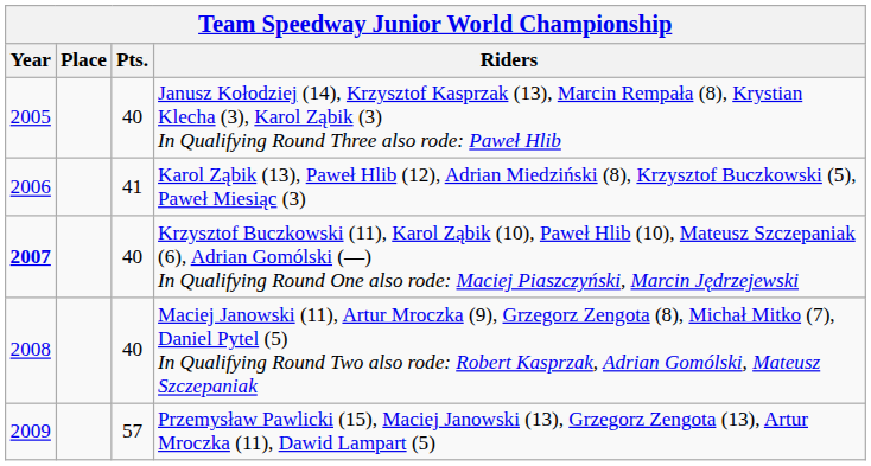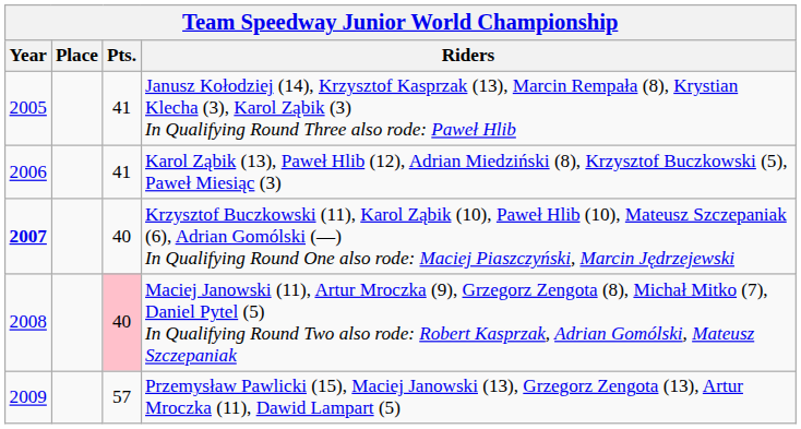 <table class=wikitable style="font-size: 90%;">
 <tr>
 <th colspan=4><big><a href='#'>Team Speedway Junior World Championship</a></big></th>
 </tr>
 <tr>
 <th>Year</th>
 <th>Place</th>
 <th>Pts.</th>
 <th>Riders</th>
 </tr>
 <tr align=center>
 <td><a href='#'>2005</a></td>
 <td></td>
-<td>40</td>
+<td>41</td>
 <td align=left><a href='#'>Janusz Kołodziej</a> (14), <a href='#'>Krzysztof Kasprzak</a> (13), <a href='#'>Marcin Rempała</a> (8), <a href='#'>Krystian Klecha</a> (3), <a href='#'>Karol Ząbik</a> (3) <br> <em>In Qualifying Round Three also rode: <a href='#'>Paweł Hlib</a></em></td>
 </tr>
 <tr align=center>
 <td><a href='#'>2006</a></td>
 <td></td>
 <td>41</td>
 <td align=left><a href='#'>Karol Ząbik</a> (13), <a href='#'>Paweł Hlib</a> (12), <a href='#'>Adrian Miedziński</a> (8), <a href='#'>Krzysztof Buczkowski</a> (5), <a href='#'>Paweł Miesiąc</a> (3)</td>
 </tr>
 <tr align=center>
 <td><strong><a href='#'>2007</a></strong></td>
 <td></td>
 <td>40</td>
 <td align=left><a href='#'>Krzysztof Buczkowski</a> (11), <a href='#'>Karol Ząbik</a> (10), <a href='#'>Paweł Hlib</a> (10), <a href='#'>Mateusz Szczepaniak</a> (6), <a href='#'>Adrian Gomólski</a> (—) <br> <em>In Qualifying Round One also rode: <a href='#'>Maciej Piaszczyński</a>, <a href='#'>Marcin Jędrzejewski</a></em></td>
 </tr>
 <tr align=center>
 <td><a href='#'>2008</a></td>
 <td></td>
-<td>40</td>
+<td style="background: pink;">40</td>
 <td align=left><a href='#'>Maciej Janowski</a> (11), <a href='#'>Artur Mroczka</a> (9), <a href='#'>Grzegorz Zengota</a> (8), <a href='#'>Michał Mitko</a> (7), <a href='#'>Daniel Pytel</a> (5) <br> <em>In Qualifying Round Two also rode: <a href='#'>Robert Kasprzak</a>, <a href='#'>Adrian Gomólski</a>, <a href='#'>Mateusz Szczepaniak</a></em></td>
 </tr>
 <tr align=center>
 <td><a href='#'>2009</a></td>
 <td></td>
 <td>57</td>
 <td align=left><a href='#'>Przemysław Pawlicki</a> (15), <a href='#'>Maciej Janowski</a> (13), <a href='#'>Grzegorz Zengota</a> (13), <a href='#'>Artur Mroczka</a> (11), <a href='#'>Dawid Lampart</a> (5)</td>
 </tr>
 </table>
